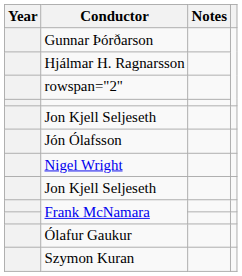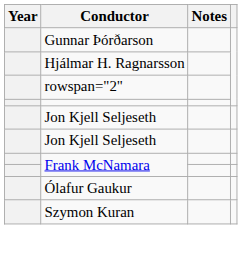 <table class="wikitable plainrowheaders">
 <tr>
 <th>Year</th>
 <th>Conductor</th>
 <th>Notes</th>
 <th></th>
 </tr>
 <tr>
 <th scope="row"></th>
 <td>Gunnar Þórðarson</td>
 <td></td>
 <td rowspan="4"></td>
 </tr>
 <tr>
 <th scope="row"></th>
 <td>Hjálmar H. Ragnarsson</td>
 <td></td>
 </tr>
 <tr>
 <th scope="row"></th>
 <td>rowspan="2" </td>
 <td></td>
 </tr>
 <tr>
 <th scope="row"></th>
 <td></td>
 </tr>
 <tr>
 <th scope="row"></th>
 <td> Jon Kjell Seljeseth</td>
 <td></td>
 <td></td>
 </tr>
 <tr>
 <th scope="row"></th>
-<td>Jón Ólafsson</td>
-<td></td>
-<td></td>
-</tr>
-<tr>
-<th scope="row"></th>
-<td> <a href='#'>Nigel Wright</a></td>
-<td></td>
-<td></td>
-</tr>
-<tr>
-<th scope="row"></th>
 <td> Jon Kjell Seljeseth</td>
 <td></td>
 <td></td>
 </tr>
 <tr>
 <th scope="row"></th>
 <td rowspan="2"> <a href='#'>Frank McNamara</a></td>
 <td></td>
 <td></td>
 </tr>
 <tr>
 <th scope="row"></th>
 <td></td>
 <td></td>
 </tr>
 <tr>
 <th scope="row"></th>
 <td>Ólafur Gaukur</td>
 <td></td>
 <td></td>
 </tr>
 <tr>
 <th scope="row"></th>
 <td> Szymon Kuran</td>
 <td></td>
 <td></td>
 </tr>
 </table>
